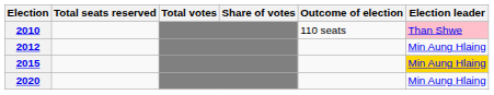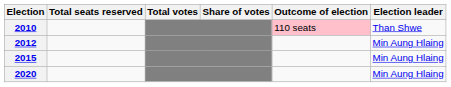 <table class="wikitable">
 <tr>
 <th>Election</th>
 <th>Total seats reserved</th>
 <th>Total votes</th>
 <th>Share of votes</th>
 <th>Outcome of election</th>
 <th>Election leader</th>
 </tr>
 <tr>
 <th><a href='#'>2010</a></th>
 <td></td>
 <td colspan="2" style="background:gray;"></td>
-<td> 110 seats</td>
-<td style="background: pink;"><a href='#'>Than Shwe</a></td>
+<td style="background: pink;"> 110 seats</td>
+<td><a href='#'>Than Shwe</a></td>
 </tr>
 <tr>
 <th><a href='#'> 2012</a></th>
 <td></td>
 <td colspan="2" style="background:gray;"></td>
 <td></td>
 <td><a href='#'>Min Aung Hlaing</a></td>
 </tr>
 <tr>
 <th><a href='#'>2015</a></th>
 <td></td>
 <td colspan="2" style="background:gray;"></td>
 <td></td>
-<td style="background: gold;"><a href='#'>Min Aung Hlaing</a></td>
+<td><a href='#'>Min Aung Hlaing</a></td>
 </tr>
 <tr>
 <th><a href='#'>2020</a></th>
 <td></td>
 <td colspan="2" style="background:gray;"></td>
 <td></td>
 <td><a href='#'>Min Aung Hlaing</a></td>
 </tr>
 </table>
